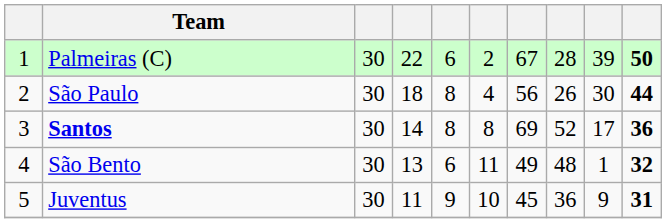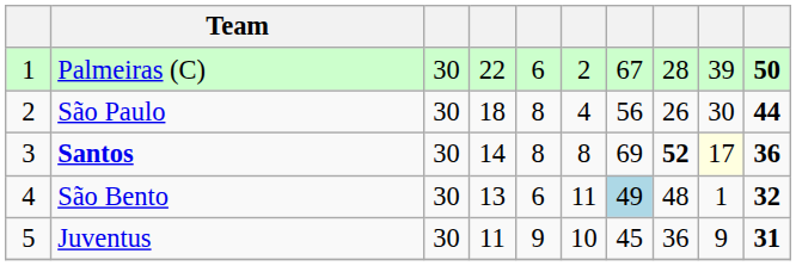 <table class="wikitable" style="text-align: center;">
 <tr>
 <th width="20"></th>
 <th width="215">Team</th>
 <th width="20"></th>
 <th width="20"></th>
 <th width="20"></th>
 <th width="20"></th>
 <th width="20"></th>
 <th width="20"></th>
 <th width="20"></th>
 <th width="20"></th>
 </tr>
 <tr bgcolor=#CCFFCC>
 <td>1</td>
 <td align=left><a href='#'>Palmeiras</a> (C)</td>
 <td>30</td>
 <td>22</td>
 <td>6</td>
 <td>2</td>
 <td>67</td>
 <td>28</td>
 <td>39</td>
 <td><strong>50</strong></td>
 </tr>
 <tr>
 <td>2</td>
 <td align=left><a href='#'>São Paulo</a></td>
 <td>30</td>
 <td>18</td>
 <td>8</td>
 <td>4</td>
 <td>56</td>
 <td>26</td>
 <td>30</td>
 <td><strong>44</strong></td>
 </tr>
 <tr>
 <td>3</td>
 <td align=left><strong><a href='#'>Santos</a></strong></td>
 <td>30</td>
 <td>14</td>
 <td>8</td>
 <td>8</td>
 <td>69</td>
-<td>52</td>
-<td>17</td>
+<td><strong>52</strong></td>
+<td style="background: lightyellow;">17</td>
 <td><strong>36</strong></td>
 </tr>
 <tr>
 <td>4</td>
 <td align=left><a href='#'>São Bento</a></td>
 <td>30</td>
 <td>13</td>
 <td>6</td>
 <td>11</td>
-<td>49</td>
+<td style="background: lightblue;">49</td>
 <td>48</td>
 <td>1</td>
 <td><strong>32</strong></td>
 </tr>
 <tr>
 <td>5</td>
 <td align=left><a href='#'>Juventus</a></td>
 <td>30</td>
 <td>11</td>
 <td>9</td>
 <td>10</td>
 <td>45</td>
 <td>36</td>
 <td>9</td>
 <td><strong>31</strong></td>
 </tr>
 <tr>
 </tr>
 </table>
